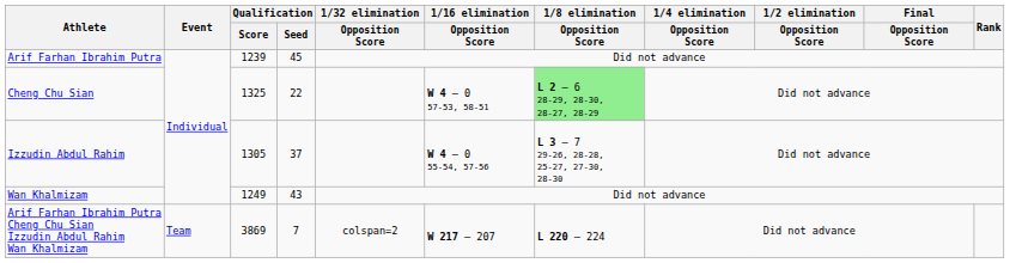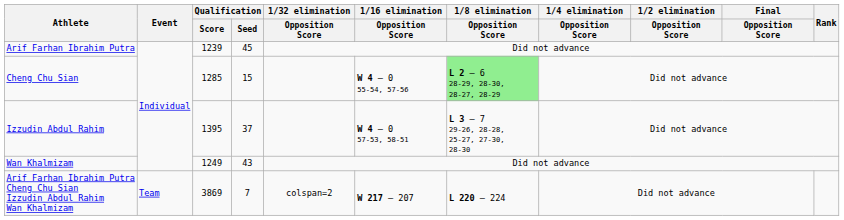 <table class="wikitable" style="text-align:center; font-size:90%">
 <tr>
 <th rowspan="2">Athlete</th>
 <th rowspan="2">Event</th>
 <th colspan="2">Qualification</th>
 <th width="11%">1/32 elimination</th>
 <th width="11%">1/16 elimination</th>
 <th width="11%">1/8 elimination</th>
 <th width="11%">1/4 elimination</th>
 <th width="11%">1/2 elimination</th>
 <th width="11%">Final</th>
 <th rowspan="2">Rank</th>
 </tr>
 <tr style="font-size:95%">
 <th>Score</th>
 <th>Seed</th>
 <th>Opposition<br>Score</th>
 <th>Opposition<br>Score</th>
 <th>Opposition<br>Score</th>
 <th>Opposition<br>Score</th>
 <th>Opposition<br>Score</th>
 <th>Opposition<br>Score</th>
 </tr>
 <tr>
 <td align=left><a href='#'>Arif Farhan Ibrahim Putra</a></td>
 <td align=left rowspan=4><a href='#'>Individual</a></td>
 <td>1239</td>
 <td>45</td>
 <td colspan=7>Did not advance</td>
 </tr>
 <tr>
 <td align=left><a href='#'>Cheng Chu Sian</a></td>
-<td>1325</td>
-<td>22 <strong></strong></td>
+<td>1285</td>
+<td>15 <strong></strong></td>
 <td></td>
-<td align=left><br><strong>W 4</strong> – 0<br><small>57-53, 58-51</small></td>
+<td align=left><br><strong>W 4</strong> – 0<br><small>55-54, 57-56</small></td>
 <td align=left style="background: lightgreen;"><br><strong>L 2</strong> – 6<br><small>28-29, 28-30,<br> 28-27, 28-29</small></td>
 <td colspan=4>Did not advance</td>
 </tr>
 <tr>
 <td align=left><a href='#'>Izzudin Abdul Rahim</a></td>
-<td>1305</td>
+<td>1395</td>
 <td>37 <strong></strong></td>
 <td></td>
-<td align=left><br><strong>W 4</strong> – 0<br><small>55-54, 57-56</small></td>
+<td align=left><br><strong>W 4</strong> – 0<br><small>57-53, 58-51</small></td>
 <td align=left><br><strong>L 3</strong> – 7<br><small>29-26, 28-28,<br> 25-27, 27-30,<br> 28-30</small></td>
 <td colspan=4>Did not advance</td>
 </tr>
 <tr>
 <td align=left><a href='#'>Wan Khalmizam</a></td>
 <td>1249</td>
 <td>43</td>
 <td colspan=7>Did not advance</td>
 </tr>
 <tr>
 <td align=left><a href='#'>Arif Farhan Ibrahim Putra</a><br><a href='#'>Cheng Chu Sian</a><br><a href='#'>Izzudin Abdul Rahim</a><br><a href='#'>Wan Khalmizam</a></td>
 <td align=left><a href='#'>Team</a></td>
 <td>3869</td>
 <td>7 <strong></strong></td>
 <td>colspan=2 </td>
 <td align=left><br><strong>W 217</strong> – 207</td>
 <td align=left><br><strong>L 220</strong> – 224</td>
 <td colspan=3>Did not advance</td>
 </tr>
 </table>
